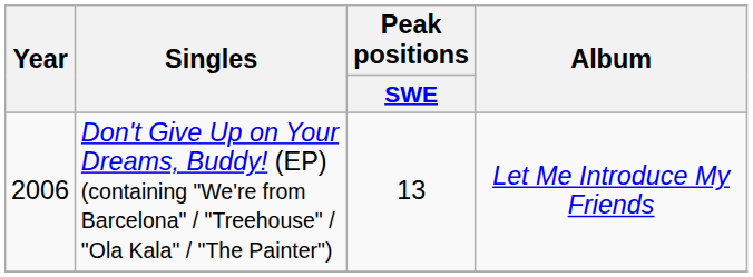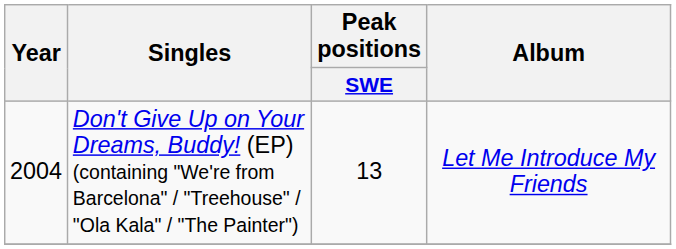 <table class="wikitable">
 <tr>
 <th align="center" rowspan="2" width="10">Year</th>
 <th align="center" rowspan="2" width="160">Singles</th>
 <th align="center" colspan="1" width="30">Peak positions</th>
 <th align="center" rowspan="2" width="160">Album</th>
 </tr>
 <tr>
 <th scope="col" style="width:3em;font-size:90%;"><a href='#'>SWE</a><br></th>
 </tr>
 <tr>
-<td align="center" rowspan="1">2006</td>
+<td align="center" rowspan="1">2004</td>
 <td><em><a href='#'>Don't Give Up on Your Dreams, Buddy!</a></em> (EP) <br><small>(containing "We're from Barcelona" / "Treehouse" / "Ola Kala" / "The Painter")</small></td>
 <td align="center">13</td>
 <td align="center"><em><a href='#'>Let Me Introduce My Friends</a></em></td>
 </tr>
 <tr>
 </tr>
 </table>
